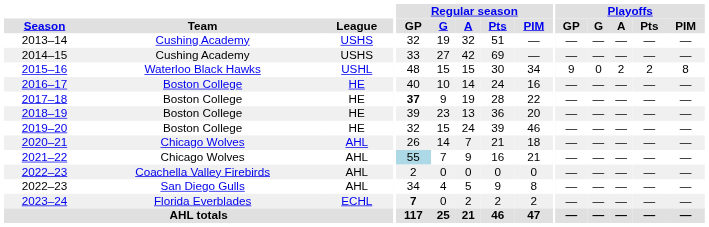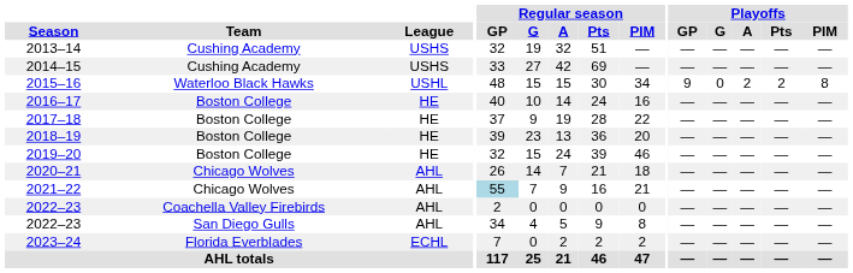 <table border="0" cellpadding="1" cellspacing="0" style="text-align:center; width:60em;">
 <tr bgcolor="#e0e0e0">
 <th colspan="3" bgcolor="#ffffff"></th>
 <th rowspan="101" bgcolor="#ffffff"></th>
 <th colspan="5"><a href='#'>Regular season</a></th>
 <th rowspan="101" bgcolor="#ffffff"></th>
 <th colspan="5"><a href='#'>Playoffs</a></th>
 </tr>
 <tr bgcolor="#e0e0e0">
 <th><a href='#'>Season</a></th>
 <th>Team</th>
 <th>League</th>
 <th>GP</th>
 <th><a href='#'>G</a></th>
 <th><a href='#'>A</a></th>
 <th><a href='#'>Pts</a></th>
 <th><a href='#'>PIM</a></th>
 <th>GP</th>
 <th>G</th>
 <th>A</th>
 <th>Pts</th>
 <th>PIM</th>
 </tr>
 <tr>
 <td>2013–14</td>
 <td><a href='#'>Cushing Academy</a></td>
 <td><a href='#'>USHS</a></td>
 <td>32</td>
 <td>19</td>
 <td>32</td>
 <td>51</td>
 <td>—</td>
 <td>—</td>
 <td>—</td>
 <td>—</td>
 <td>—</td>
 <td>—</td>
 </tr>
 <tr bgcolor="#f0f0f0">
 <td>2014–15</td>
 <td>Cushing Academy</td>
 <td>USHS</td>
 <td>33</td>
 <td>27</td>
 <td>42</td>
 <td>69</td>
 <td>—</td>
 <td>—</td>
 <td>—</td>
 <td>—</td>
 <td>—</td>
 <td>—</td>
 </tr>
 <tr>
 <td><a href='#'>2015–16</a></td>
 <td><a href='#'>Waterloo Black Hawks</a></td>
 <td><a href='#'>USHL</a></td>
 <td>48</td>
 <td>15</td>
 <td>15</td>
 <td>30</td>
 <td>34</td>
 <td>9</td>
 <td>0</td>
 <td>2</td>
 <td>2</td>
 <td>8</td>
 </tr>
 <tr bgcolor="#f0f0f0">
 <td><a href='#'>2016–17</a></td>
 <td><a href='#'>Boston College</a></td>
 <td><a href='#'>HE</a></td>
 <td>40</td>
 <td>10</td>
 <td>14</td>
 <td>24</td>
 <td>16</td>
 <td>—</td>
 <td>—</td>
 <td>—</td>
 <td>—</td>
 <td>—</td>
 </tr>
 <tr>
 <td><a href='#'>2017–18</a></td>
 <td>Boston College</td>
 <td>HE</td>
-<td><strong>37</strong></td>
+<td>37</td>
 <td>9</td>
 <td>19</td>
 <td>28</td>
 <td>22</td>
 <td>—</td>
 <td>—</td>
 <td>—</td>
 <td>—</td>
 <td>—</td>
 </tr>
 <tr bgcolor="#f0f0f0">
 <td><a href='#'>2018–19</a></td>
 <td>Boston College</td>
 <td>HE</td>
 <td>39</td>
 <td>23</td>
 <td>13</td>
 <td>36</td>
 <td>20</td>
 <td>—</td>
 <td>—</td>
 <td>—</td>
 <td>—</td>
 <td>—</td>
 </tr>
 <tr>
 <td><a href='#'>2019–20</a></td>
 <td>Boston College</td>
 <td>HE</td>
 <td>32</td>
 <td>15</td>
 <td>24</td>
 <td>39</td>
 <td>46</td>
 <td>—</td>
 <td>—</td>
 <td>—</td>
 <td>—</td>
 <td>—</td>
 </tr>
 <tr bgcolor="#f0f0f0">
 <td><a href='#'>2020–21</a></td>
 <td><a href='#'>Chicago Wolves</a></td>
 <td><a href='#'>AHL</a></td>
 <td>26</td>
 <td>14</td>
 <td>7</td>
 <td>21</td>
 <td>18</td>
 <td>—</td>
 <td>—</td>
 <td>—</td>
 <td>—</td>
 <td>—</td>
 </tr>
 <tr>
 <td><a href='#'>2021–22</a></td>
 <td>Chicago Wolves</td>
 <td>AHL</td>
 <td style="background: lightblue;">55</td>
 <td>7</td>
 <td>9</td>
 <td>16</td>
 <td>21</td>
 <td>—</td>
 <td>—</td>
 <td>—</td>
 <td>—</td>
 <td>—</td>
 </tr>
 <tr bgcolor="#f0f0f0">
 <td><a href='#'>2022–23</a></td>
 <td><a href='#'>Coachella Valley Firebirds</a></td>
 <td>AHL</td>
 <td>2</td>
 <td>0</td>
 <td>0</td>
 <td>0</td>
 <td>0</td>
 <td>—</td>
 <td>—</td>
 <td>—</td>
 <td>—</td>
 <td>—</td>
 </tr>
 <tr>
 <td>2022–23</td>
 <td><a href='#'>San Diego Gulls</a></td>
 <td>AHL</td>
 <td>34</td>
 <td>4</td>
 <td>5</td>
 <td>9</td>
 <td>8</td>
 <td>—</td>
 <td>—</td>
 <td>—</td>
 <td>—</td>
 <td>—</td>
 </tr>
 <tr bgcolor="#f0f0f0">
 <td><a href='#'>2023–24</a></td>
 <td><a href='#'>Florida Everblades</a></td>
 <td><a href='#'>ECHL</a></td>
-<td><strong>7</strong></td>
+<td>7</td>
 <td>0</td>
 <td>2</td>
 <td>2</td>
 <td>2</td>
 <td>—</td>
 <td>—</td>
 <td>—</td>
 <td>—</td>
 <td>—</td>
 </tr>
 <tr bgcolor="#e0e0e0">
 <th colspan="3">AHL totals</th>
 <th>117</th>
 <th>25</th>
 <th>21</th>
 <th>46</th>
 <th>47</th>
 <th>—</th>
 <th>—</th>
 <th>—</th>
 <th>—</th>
 <th>—</th>
 </tr>
 </table>
